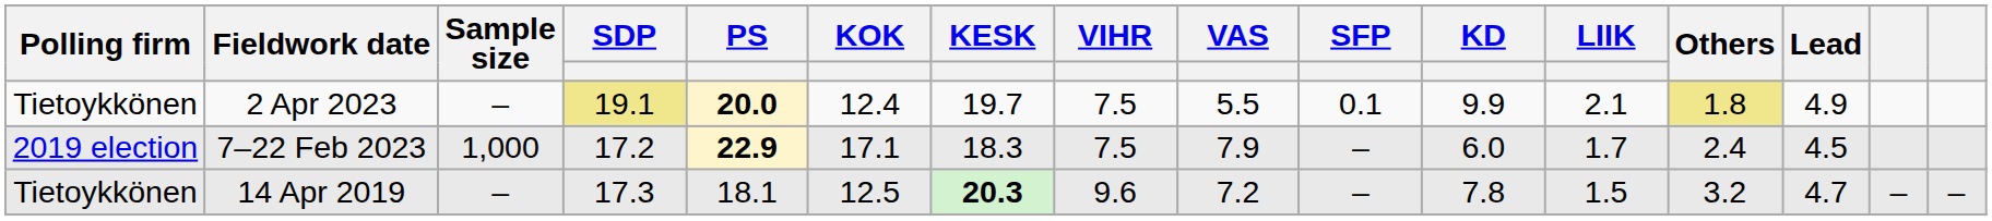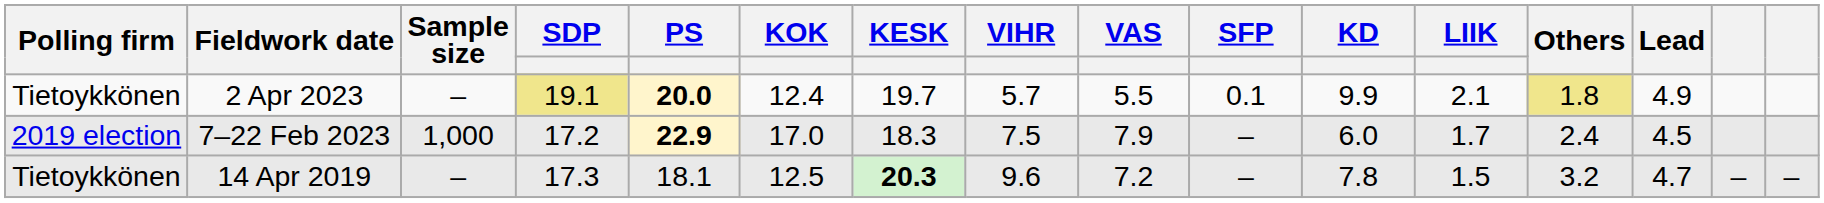 <table class="wikitable sortable mw-datatable" style="text-align:center;font-size:90%;line-height:14px;">
 <tr>
 <th rowspan="2">Polling firm</th>
 <th rowspan="2">Fieldwork date</th>
 <th rowspan="2">Sample<br>size</th>
 <th class="unsortable" style="width:50px;"><a href='#'>SDP</a></th>
 <th class="unsortable" style="width:50px;"><a href='#'>PS</a></th>
 <th class="unsortable" style="width:50px;"><a href='#'>KOK</a></th>
 <th class="unsortable" style="width:50px;"><a href='#'>KESK</a></th>
 <th class="unsortable" style="width:50px;"><a href='#'>VIHR</a></th>
 <th class="unsortable" style="width:50px;"><a href='#'>VAS</a></th>
 <th class="unsortable" style="width:50px;"><a href='#'>SFP</a></th>
 <th class="unsortable" style="width:50px;"><a href='#'>KD</a></th>
 <th class="unsortable" style="width:50px;"><a href='#'>LIIK</a></th>
 <th class="unsortable" style="width:30px;" rowspan="2">Others</th>
 <th class="unsortable" style="width:30px;" rowspan="2">Lead</th>
 <th class="unsortable" style="width:20px;" rowspan="2"></th>
 <th class="unsortable" style="width:20px;" rowspan="2"></th>
 </tr>
 <tr>
 <th data-sort-type="number" style="background:"></th>
 <th data-sort-type="number" style="background:"></th>
 <th data-sort-type="number" style="background:"></th>
 <th data-sort-type="number" style="background:"></th>
 <th data-sort-type="number" style="background:"></th>
 <th data-sort-type="number" style="background:"></th>
 <th data-sort-type="number" style="background:"></th>
 <th data-sort-type="number" style="background:"></th>
 <th data-sort-type="number" style="background:"></th>
 </tr>
 <tr>
 <td>Tietoykkönen</td>
 <td data-sort-value="2023-04-02">2 Apr 2023</td>
 <td>–</td>
 <td style="background: khaki;">19.1</td>
 <td style="background:#FFF5CC;"><strong>20.0</strong></td>
 <td>12.4</td>
 <td>19.7</td>
-<td>7.5</td>
+<td>5.7</td>
 <td>5.5</td>
 <td>0.1</td>
 <td>9.9</td>
 <td>2.1</td>
 <td style="background: khaki;">1.8</td>
 <td style="background:">4.9</td>
 <td></td>
 <td></td>
 </tr>
 <tr style="background:#E9E9E9;">
 <td><a href='#'>2019 election</a></td>
 <td data-sort-value="2023-02-22">7–22 Feb 2023</td>
 <td>1,000</td>
 <td>17.2</td>
 <td style="background:#FFF5CC;"><strong>22.9</strong></td>
-<td>17.1</td>
+<td>17.0</td>
 <td>18.3</td>
 <td>7.5</td>
 <td>7.9</td>
 <td>–</td>
 <td>6.0</td>
 <td>1.7</td>
 <td>2.4</td>
 <td style="background:">4.5</td>
 <td></td>
 <td></td>
 </tr>
 <tr style="background:#E9E9E9;">
 <td>Tietoykkönen</td>
 <td data-sort-value="2019-04-14">14 Apr 2019</td>
 <td>–</td>
 <td>17.3</td>
 <td>18.1</td>
 <td>12.5</td>
 <td style="background:#D3F2D0"><strong>20.3</strong></td>
 <td>9.6</td>
 <td>7.2</td>
 <td>–</td>
 <td>7.8</td>
 <td>1.5</td>
 <td>3.2</td>
 <td style="background:">4.7</td>
 <td>–</td>
 <td>–</td>
 </tr>
 </table>
